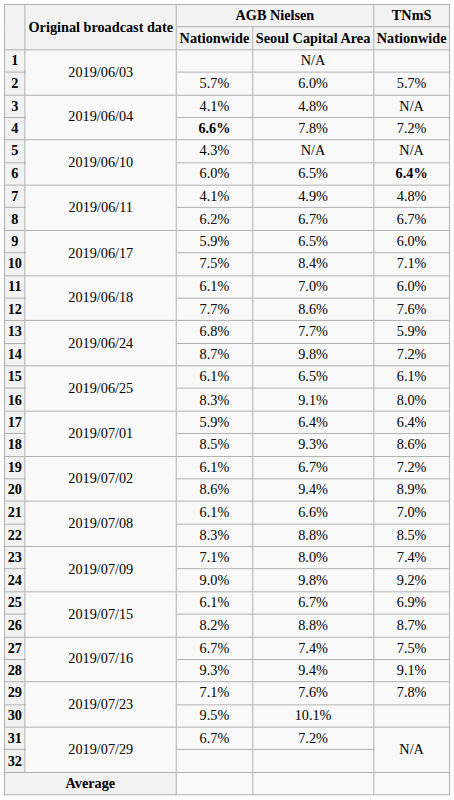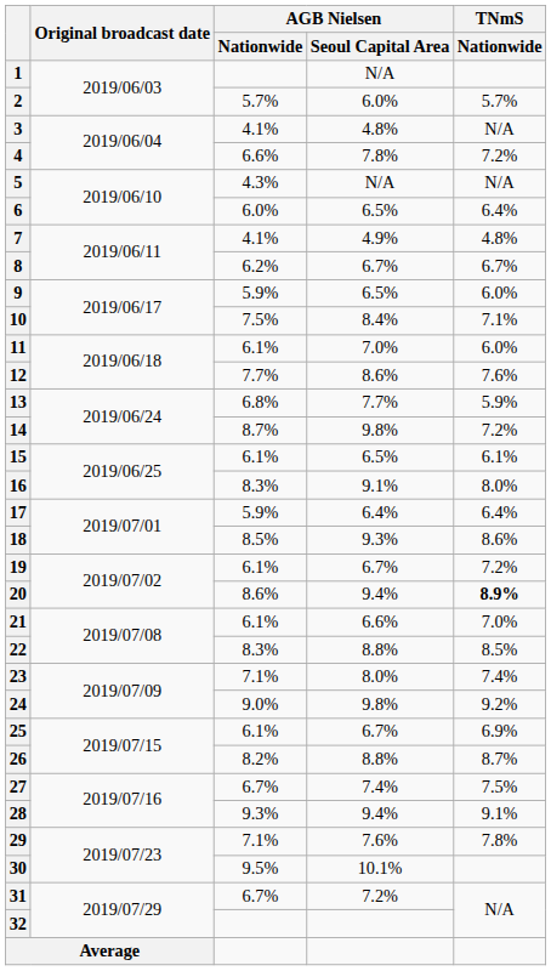 <table class="wikitable" style="text-align:center">
 <tr>
 <th rowspan="2"></th>
 <th rowspan="2">Original broadcast date</th>
 <th colspan="2">AGB Nielsen</th>
 <th>TNmS</th>
 </tr>
 <tr>
 <th>Nationwide</th>
 <th>Seoul Capital Area</th>
 <th>Nationwide</th>
 </tr>
 <tr>
 <th>1</th>
 <td rowspan=2>2019/06/03</td>
 <td></td>
 <td>N/A</td>
 <td></td>
 </tr>
 <tr>
 <th>2</th>
 <td>5.7%</td>
 <td>6.0%</td>
 <td>5.7%</td>
 </tr>
 <tr>
 <th>3</th>
 <td rowspan=2>2019/06/04</td>
 <td>4.1%</td>
 <td>4.8%</td>
 <td>N/A</td>
 </tr>
 <tr>
 <th>4</th>
-<td><strong>6.6%</strong></td>
+<td>6.6%</td>
 <td>7.8%</td>
 <td>7.2%</td>
 </tr>
 <tr>
 <th>5</th>
 <td rowspan=2>2019/06/10</td>
 <td>4.3%</td>
 <td>N/A</td>
 <td>N/A</td>
 </tr>
 <tr>
 <th>6</th>
 <td>6.0%</td>
 <td>6.5%</td>
-<td><strong>6.4%</strong></td>
+<td>6.4%</td>
 </tr>
 <tr>
 <th>7</th>
 <td rowspan=2>2019/06/11</td>
 <td>4.1%</td>
 <td>4.9%</td>
 <td>4.8%</td>
 </tr>
 <tr>
 <th>8</th>
 <td>6.2%</td>
 <td>6.7%</td>
 <td>6.7%</td>
 </tr>
 <tr>
 <th>9</th>
 <td rowspan=2>2019/06/17</td>
 <td>5.9%</td>
 <td>6.5%</td>
 <td>6.0%</td>
 </tr>
 <tr>
 <th>10</th>
 <td>7.5%</td>
 <td>8.4%</td>
 <td>7.1%</td>
 </tr>
 <tr>
 <th>11</th>
 <td rowspan=2>2019/06/18</td>
 <td>6.1%</td>
 <td>7.0%</td>
 <td>6.0%</td>
 </tr>
 <tr>
 <th>12</th>
 <td>7.7%</td>
 <td>8.6%</td>
 <td>7.6%</td>
 </tr>
 <tr>
 <th>13</th>
 <td rowspan=2>2019/06/24</td>
 <td>6.8%</td>
 <td>7.7%</td>
 <td>5.9%</td>
 </tr>
 <tr>
 <th>14</th>
 <td>8.7%</td>
 <td>9.8%</td>
 <td>7.2%</td>
 </tr>
 <tr>
 <th>15</th>
 <td rowspan=2>2019/06/25</td>
 <td>6.1%</td>
 <td>6.5%</td>
 <td>6.1%</td>
 </tr>
 <tr>
 <th>16</th>
 <td>8.3%</td>
 <td>9.1%</td>
 <td>8.0%</td>
 </tr>
 <tr>
 <th>17</th>
 <td rowspan=2>2019/07/01</td>
 <td>5.9%</td>
 <td>6.4%</td>
 <td>6.4%</td>
 </tr>
 <tr>
 <th>18</th>
 <td>8.5%</td>
 <td>9.3%</td>
 <td>8.6%</td>
 </tr>
 <tr>
 <th>19</th>
 <td rowspan=2>2019/07/02</td>
 <td>6.1%</td>
 <td>6.7%</td>
 <td>7.2%</td>
 </tr>
 <tr>
 <th>20</th>
 <td>8.6%</td>
 <td>9.4%</td>
-<td>8.9%</td>
+<td><strong>8.9%</strong></td>
 </tr>
 <tr>
 <th>21</th>
 <td rowspan=2>2019/07/08</td>
 <td>6.1%</td>
 <td>6.6%</td>
 <td>7.0%</td>
 </tr>
 <tr>
 <th>22</th>
 <td>8.3%</td>
 <td>8.8%</td>
 <td>8.5%</td>
 </tr>
 <tr>
 <th>23</th>
 <td rowspan=2>2019/07/09</td>
 <td>7.1%</td>
 <td>8.0%</td>
 <td>7.4%</td>
 </tr>
 <tr>
 <th>24</th>
 <td>9.0%</td>
 <td>9.8%</td>
 <td>9.2%</td>
 </tr>
 <tr>
 <th>25</th>
 <td rowspan=2>2019/07/15</td>
 <td>6.1%</td>
 <td>6.7%</td>
 <td>6.9%</td>
 </tr>
 <tr>
 <th>26</th>
 <td>8.2%</td>
 <td>8.8%</td>
 <td>8.7%</td>
 </tr>
 <tr>
 <th>27</th>
 <td rowspan=2>2019/07/16</td>
 <td>6.7%</td>
 <td>7.4%</td>
 <td>7.5%</td>
 </tr>
 <tr>
 <th>28</th>
 <td>9.3%</td>
 <td>9.4%</td>
 <td>9.1%</td>
 </tr>
 <tr>
 <th>29</th>
 <td rowspan=2>2019/07/23</td>
 <td>7.1%</td>
 <td>7.6%</td>
 <td>7.8%</td>
 </tr>
 <tr>
 <th>30</th>
 <td>9.5%</td>
 <td>10.1%</td>
 <td></td>
 </tr>
 <tr>
 <th>31</th>
 <td rowspan=2>2019/07/29</td>
 <td>6.7%</td>
 <td>7.2%</td>
 <td rowspan=2>N/A</td>
 </tr>
 <tr>
 <th>32</th>
 <td></td>
 <td></td>
 </tr>
 <tr>
 <th colspan=2>Average</th>
 <td></td>
 <td></td>
 <td></td>
 </tr>
 </table>
